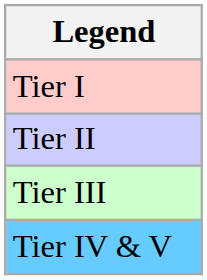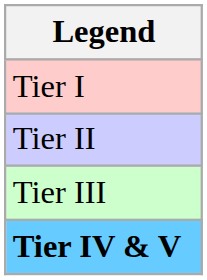 <table class="wikitable" style="font-size:90%;" width=10%>
 <tr>
 <th>Legend</th>
 </tr>
 <tr style="background:#fcc;">
 <td>Tier I</td>
 </tr>
 <tr style="background:#ccf;">
 <td>Tier II</td>
 </tr>
 <tr style="background:#cfc;">
 <td>Tier III</td>
 </tr>
 <tr style="background:#6cf;">
-<td>Tier IV & V</td>
+<td><strong>Tier IV & V</strong></td>
 </tr>
 </table>
